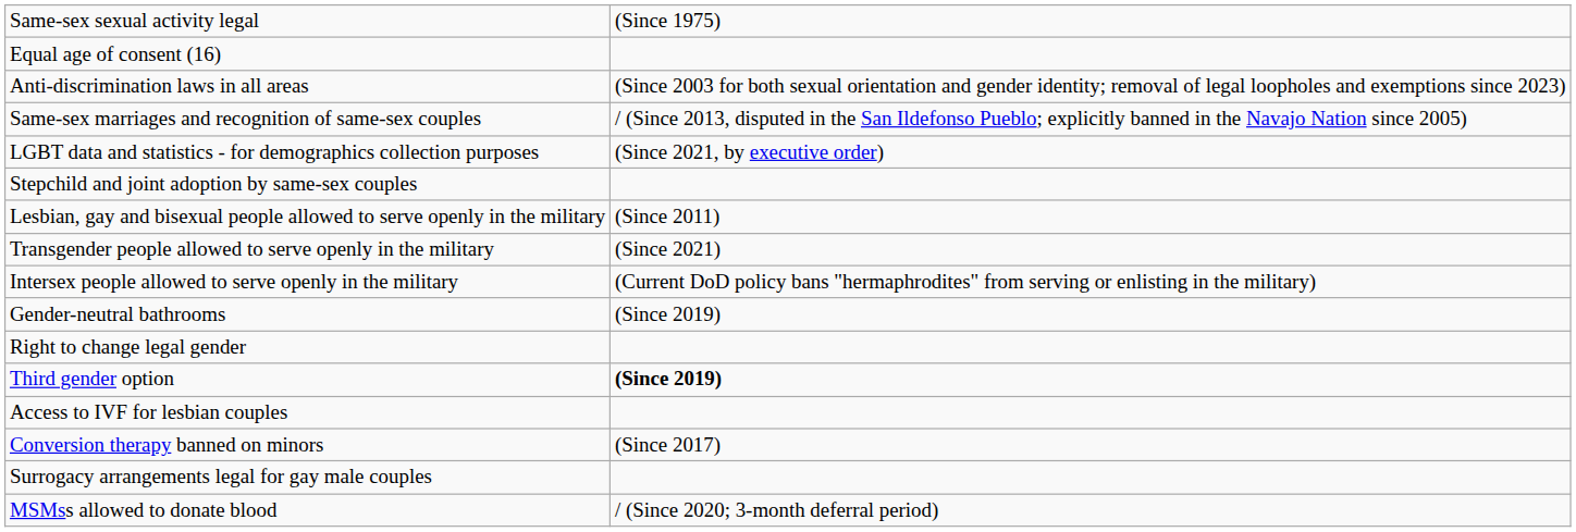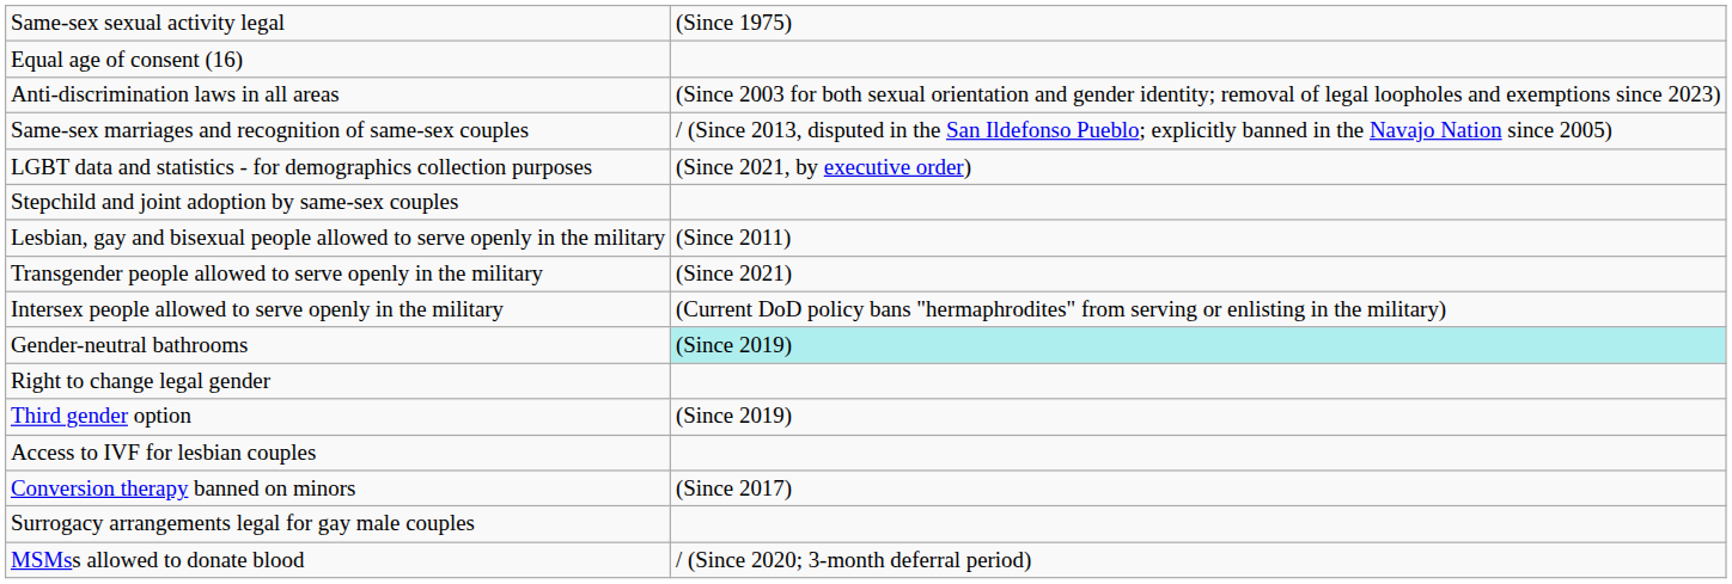 <table class="wikitable">
 <tr>
 <td>Same-sex sexual activity legal</td>
 <td> (Since 1975)</td>
 </tr>
 <tr>
 <td>Equal age of consent (16)</td>
 <td></td>
 </tr>
 <tr>
 <td>Anti-discrimination laws in all areas</td>
 <td> (Since 2003 for both sexual orientation and gender identity; removal of legal loopholes and exemptions since 2023)</td>
 </tr>
 <tr>
 <td>Same-sex marriages and recognition of same-sex couples</td>
 <td>/ (Since 2013, disputed in the <a href='#'>San Ildefonso Pueblo</a>; explicitly banned in the <a href='#'>Navajo Nation</a> since 2005)</td>
 </tr>
 <tr>
 <td>LGBT data and statistics - for demographics collection purposes</td>
 <td> (Since 2021, by <a href='#'>executive order</a>)</td>
 </tr>
 <tr>
 <td>Stepchild and joint adoption by same-sex couples</td>
 <td></td>
 </tr>
 <tr>
 <td>Lesbian, gay and bisexual people allowed to serve openly in the military</td>
 <td> (Since 2011)</td>
 </tr>
 <tr>
 <td>Transgender people allowed to serve openly in the military</td>
 <td> (Since 2021)</td>
 </tr>
 <tr>
 <td>Intersex people allowed to serve openly in the military</td>
 <td> (Current DoD policy bans "hermaphrodites" from serving or enlisting in the military)</td>
 </tr>
 <tr>
 <td>Gender-neutral bathrooms</td>
-<td> (Since 2019)</td>
+<td style="background: paleturquoise;"> (Since 2019)</td>
 </tr>
 <tr>
 <td>Right to change legal gender</td>
 <td></td>
 </tr>
 <tr>
 <td><a href='#'>Third gender</a> option</td>
-<td><strong> (Since 2019)</strong></td>
+<td> (Since 2019)</td>
 </tr>
 <tr>
 <td>Access to IVF for lesbian couples</td>
 <td></td>
 </tr>
 <tr>
 <td><a href='#'>Conversion therapy</a> banned on minors</td>
 <td> (Since 2017)</td>
 </tr>
 <tr>
 <td>Surrogacy arrangements legal for gay male couples</td>
 <td></td>
 </tr>
 <tr>
 <td><a href='#'>MSMs</a>s allowed to donate blood</td>
 <td>/ (Since 2020; 3-month deferral period)</td>
 </tr>
 </table>
